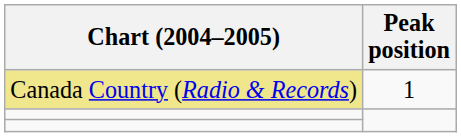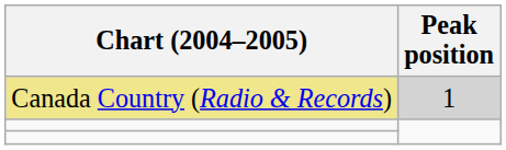 <table class="wikitable sortable">
 <tr>
 <th align="left">Chart (2004–2005)</th>
 <th align="center">Peak<br>position</th>
 </tr>
 <tr>
 <td align="left" style="background: khaki;">Canada <a href='#'>Country</a> (<em><a href='#'>Radio & Records</a></em>)</td>
-<td align="center">1</td>
+<td align="center" style="background: lightgrey;">1</td>
 </tr>
 <tr>
 <td></td>
 </tr>
 <tr>
 <td></td>
 </tr>
 </table>
